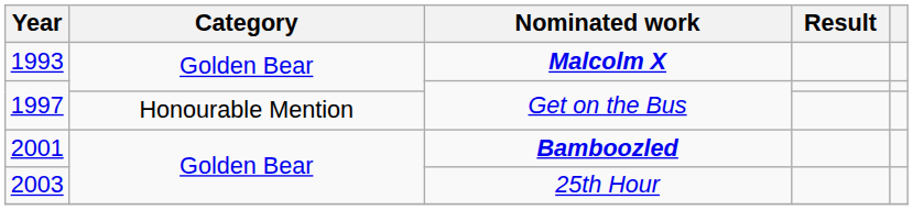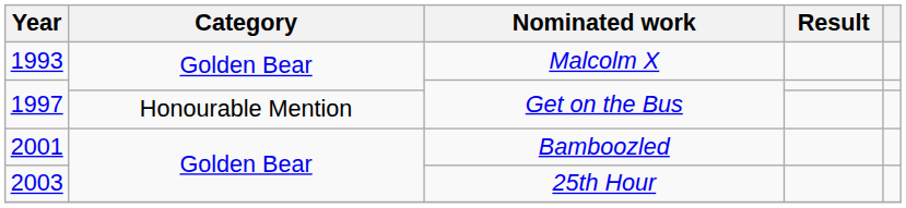 <table class="wikitable">
 <tr>
 <th scope="col" style="width:1em;">Year</th>
 <th scope="col" style="width:35em;">Category</th>
 <th scope="col" style="width:35em;">Nominated work</th>
 <th scope="col" style="width:5em;">Result</th>
 <th scope="col" style="width:1em;" class="unsortable"></th>
 </tr>
 <tr>
 <td align="center"><a href='#'>1993</a></td>
 <td rowspan="2" align="center"><a href='#'>Golden Bear</a></td>
-<td align="center"><strong><em><a href='#'>Malcolm X</a></em></strong></td>
+<td align="center"><em><a href='#'>Malcolm X</a></em></td>
 <td></td>
 <td></td>
 </tr>
 <tr>
 <td align="center" rowspan="2"><a href='#'>1997</a></td>
 <td align="center" rowspan="2"><em><a href='#'>Get on the Bus</a></em></td>
 <td></td>
 <td></td>
 </tr>
 <tr>
 <td align="center">Honourable Mention</td>
 <td></td>
 <td></td>
 </tr>
 <tr>
 <td align="center"><a href='#'>2001</a></td>
 <td rowspan="2" align="center"><a href='#'>Golden Bear</a></td>
-<td align="center"><strong><em><a href='#'>Bamboozled</a></em></strong></td>
+<td align="center"><em><a href='#'>Bamboozled</a></em></td>
 <td></td>
 <td></td>
 </tr>
 <tr>
 <td align="center"><a href='#'>2003</a></td>
 <td align="center"><em><a href='#'>25th Hour</a></em></td>
 <td></td>
 <td></td>
 </tr>
 <tr>
 </tr>
 </table>
